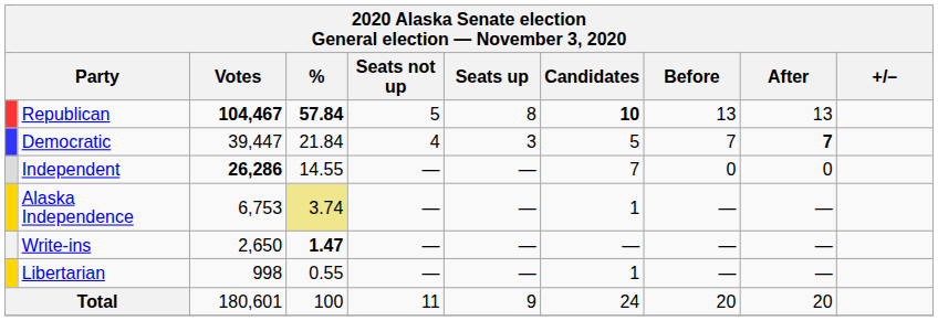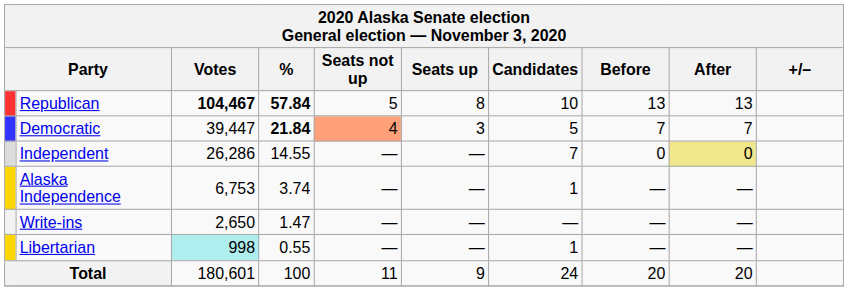 <table class="wikitable" style="font-size:95%;">
 <tr>
 <th colspan=10>2020 Alaska Senate election<br>General election — November 3, 2020</th>
 </tr>
 <tr>
 <th colspan=2 style="width: 10em">Party</th>
 <th style="width: 5em">Votes</th>
 <th style="width: 3em">%</th>
 <th style="width: 5em">Seats not up</th>
 <th style="width: 5em">Seats up</th>
 <th style="width: 5em">Candidates</th>
 <th style="width: 5em">Before</th>
 <th style="width: 5em">After</th>
 <th style="width: 5em">+/–</th>
 </tr>
 <tr>
 <th style="background-color:#F33; width: 3px"></th>
 <td style="width: 130px"><a href='#'>Republican</a></td>
 <td align="right"><strong>104,467</strong></td>
 <td align="right"><strong>57.84</strong></td>
 <td align="right">5</td>
 <td align="right">8</td>
-<td align="right"><strong>10</strong></td>
+<td align="right">10</td>
 <td align="right">13</td>
 <td align="right">13</td>
 <td align="right"></td>
 </tr>
 <tr>
 <th style="background-color:#33F; width: 3px"></th>
 <td style="width: 130px"><a href='#'>Democratic</a></td>
 <td align="right">39,447</td>
-<td align="right">21.84</td>
-<td align="right">4</td>
+<td align="right"><strong>21.84</strong></td>
+<td align="right" style="background: lightsalmon;">4</td>
 <td align="right">3</td>
 <td align="right">5</td>
 <td align="right">7</td>
-<td align="right"><strong>7</strong></td>
+<td align="right">7</td>
 <td align="right"></td>
 </tr>
 <tr>
 <th style="background-color:#DCDCDC; width: 3px"></th>
 <td style="width: 130px"><a href='#'>Independent</a></td>
-<td align="right"><strong>26,286</strong></td>
+<td align="right">26,286</td>
 <td align="right">14.55</td>
 <td align="right">—</td>
 <td align="right">—</td>
 <td align="right">7</td>
 <td align="right">0</td>
-<td align="right">0</td>
+<td align="right" style="background: khaki;">0</td>
 <td align="right"></td>
 </tr>
 <tr>
 <th style="background-color:gold; width: 3px"></th>
 <td style="width: 130px"><a href='#'>Alaska Independence</a></td>
 <td align="right">6,753</td>
-<td align="right" style="background: khaki;">3.74</td>
+<td align="right">3.74</td>
 <td align="right">—</td>
 <td align="right">—</td>
 <td align="right">1</td>
 <td align="right">—</td>
 <td align="right">—</td>
 <td align="right"></td>
 </tr>
 <tr>
 <th style="background-color:; width: 3px"></th>
 <td style="width: 130px"><a href='#'>Write-ins</a></td>
 <td align="right">2,650</td>
-<td align="right"><strong>1.47</strong></td>
+<td align="right">1.47</td>
 <td align="right">—</td>
 <td align="right">—</td>
 <td align="right">—</td>
 <td align="right">—</td>
 <td align="right">—</td>
 <td align="right"></td>
 </tr>
 <tr>
 <th style="background-color:gold; width: 3px"></th>
 <td style="width: 130px"><a href='#'>Libertarian</a></td>
-<td align="right">998</td>
+<td align="right" style="background: paleturquoise;">998</td>
 <td align="right">0.55</td>
 <td align="right">—</td>
 <td align="right">—</td>
 <td align="right">1</td>
 <td align="right">—</td>
 <td align="right">—</td>
 <td align="right"></td>
 </tr>
 <tr>
 <th colspan="2">Total</th>
 <td align="right">180,601</td>
 <td align="right">100</td>
 <td align="right">11</td>
 <td align="right">9</td>
 <td align="right">24</td>
 <td align="right">20</td>
 <td align="right">20</td>
 <td align="right"></td>
 </tr>
 <tr>
 </tr>
 </table>
